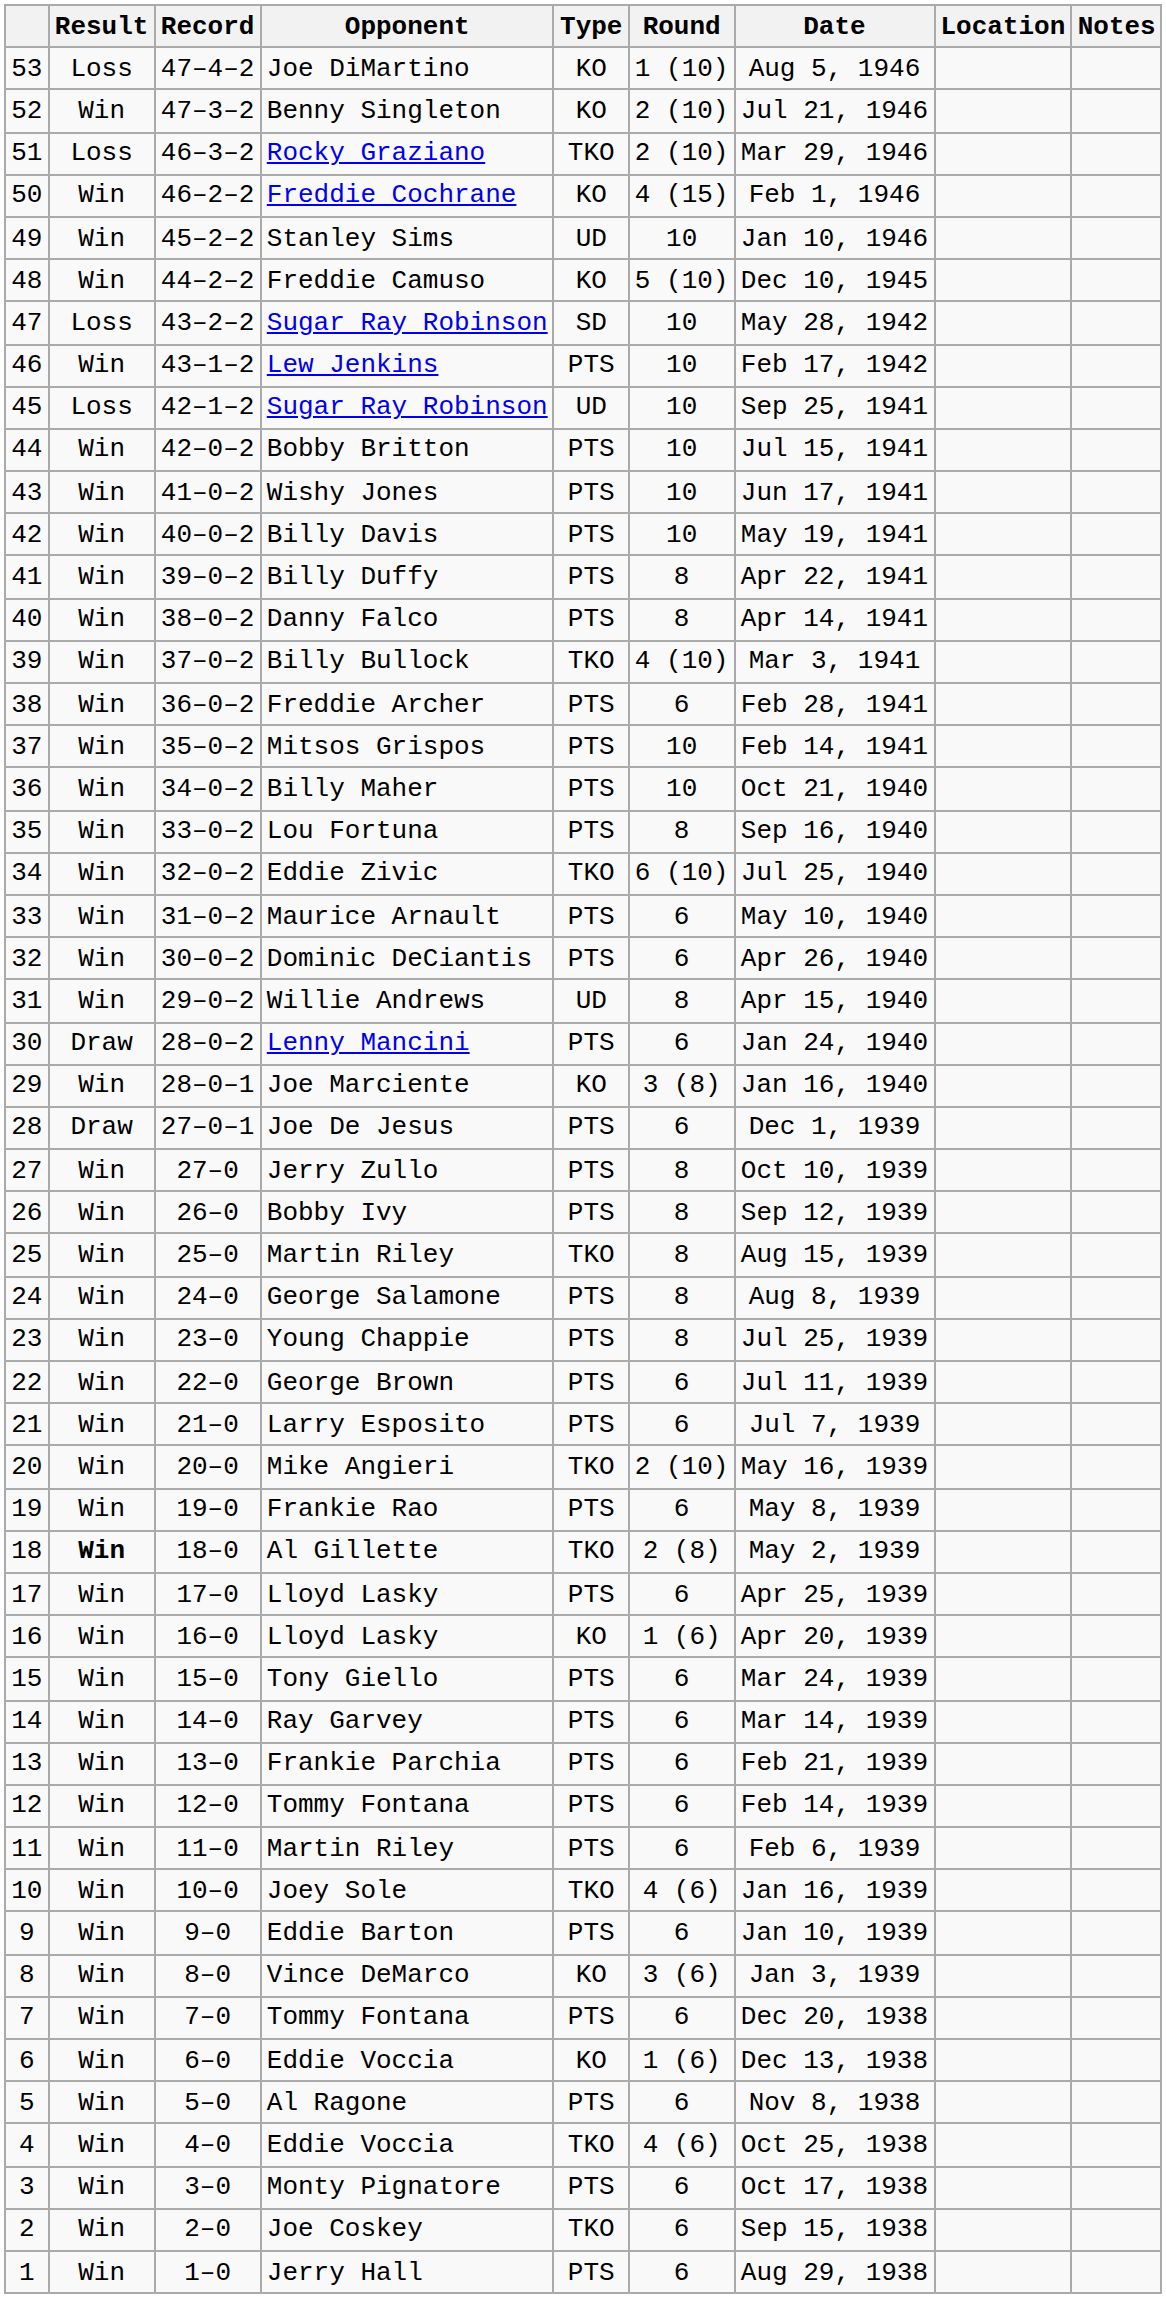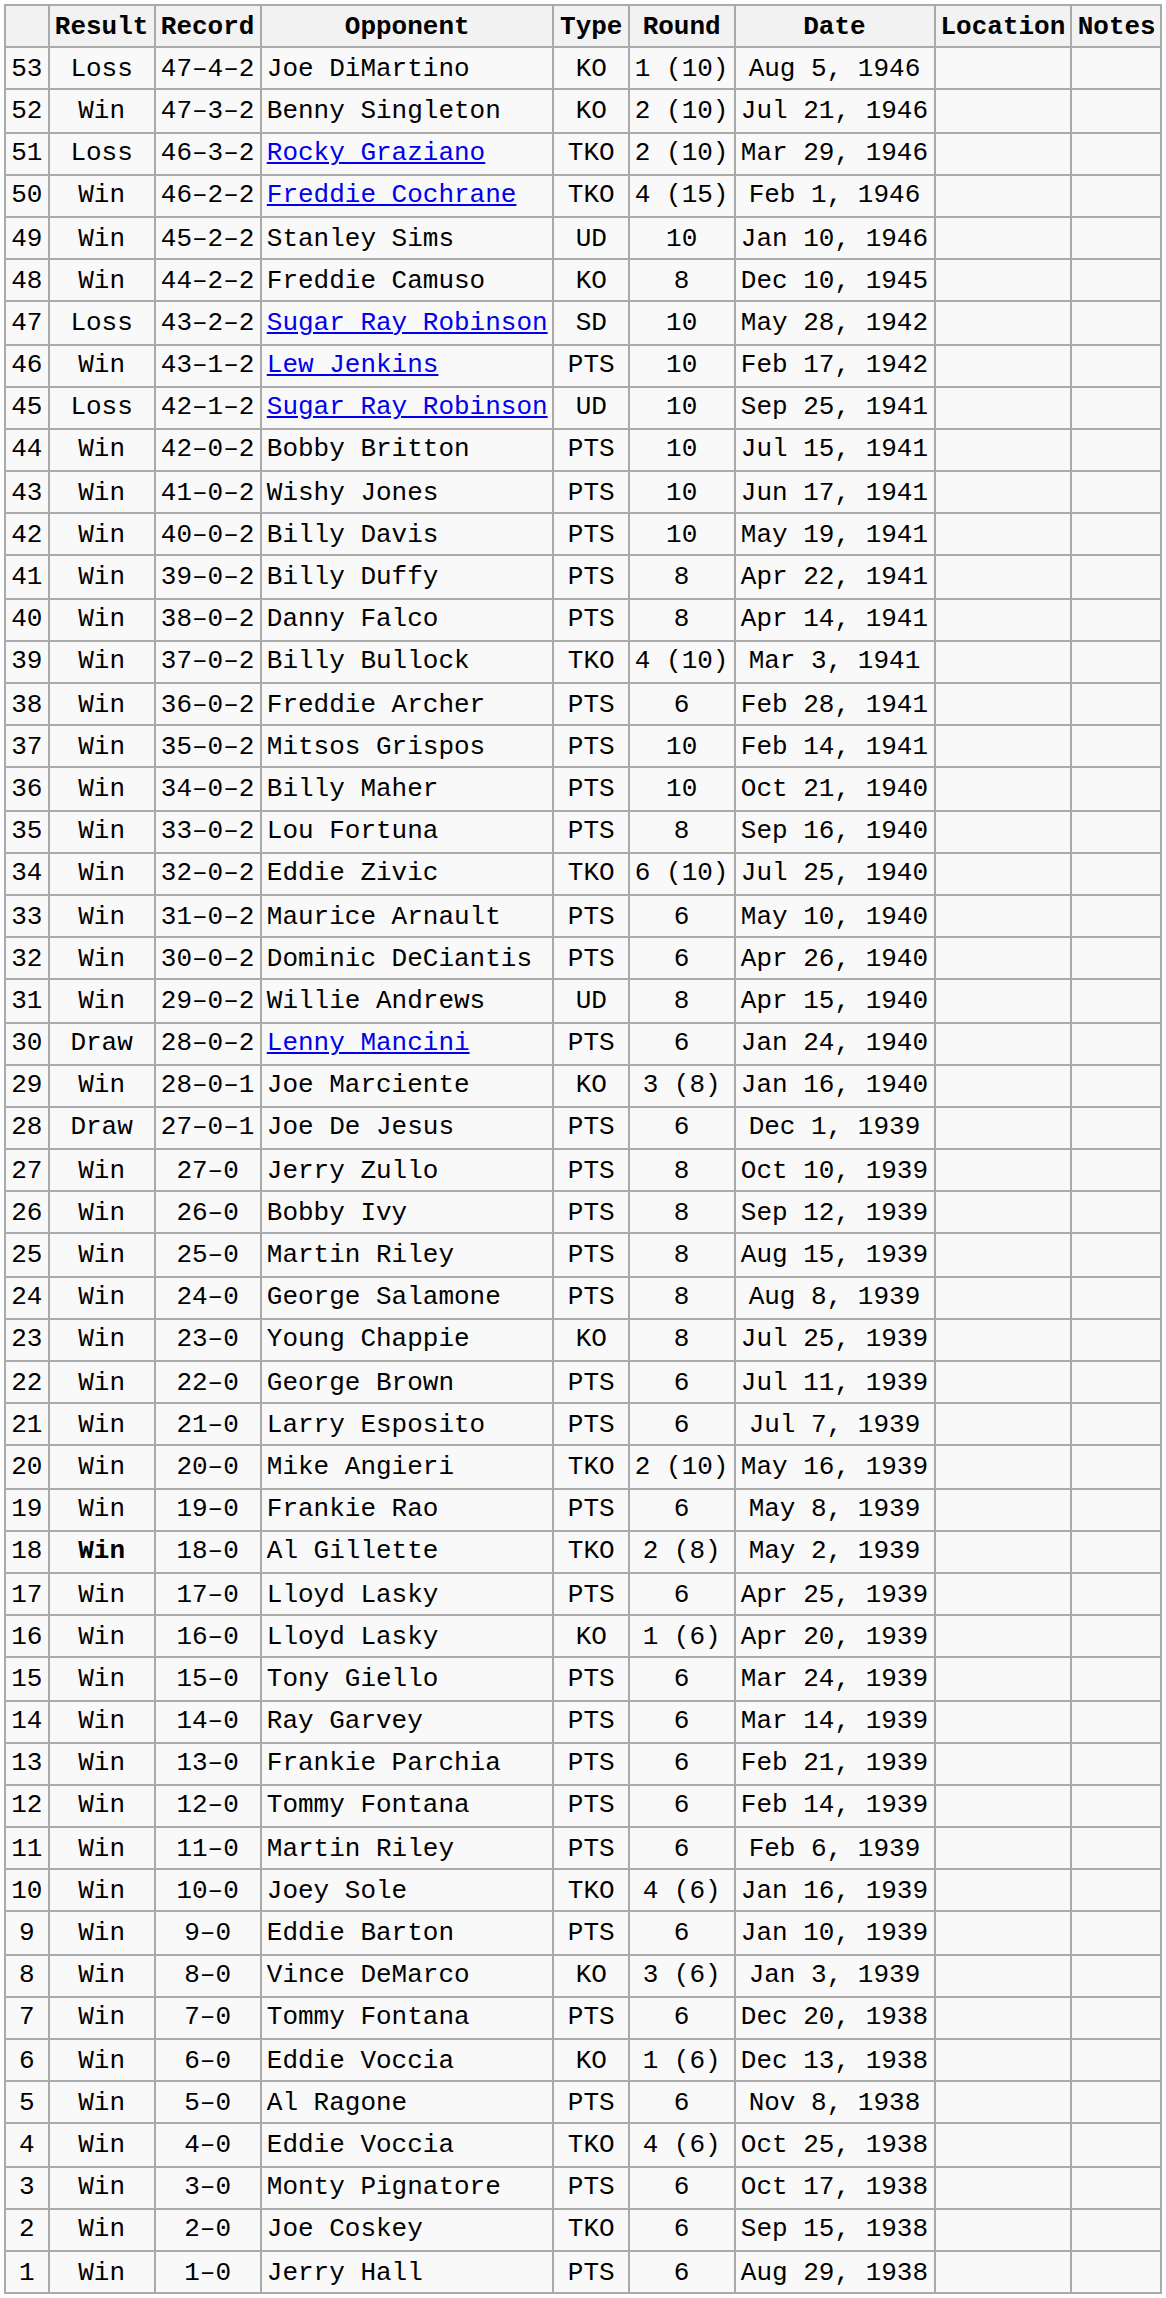 <table class="wikitable" style="text-align:center">
 <tr>
 <th></th>
 <th>Result</th>
 <th>Record</th>
 <th>Opponent</th>
 <th>Type</th>
 <th>Round</th>
 <th>Date</th>
 <th>Location</th>
 <th>Notes</th>
 </tr>
 <tr>
 <td>53</td>
 <td>Loss</td>
 <td>47–4–2</td>
 <td align=left>Joe DiMartino</td>
 <td>KO</td>
 <td>1 (10)</td>
 <td>Aug 5, 1946</td>
 <td style="text-align:left;"></td>
 <td></td>
 </tr>
 <tr>
 <td>52</td>
 <td>Win</td>
 <td>47–3–2</td>
 <td align=left>Benny Singleton</td>
 <td>KO</td>
 <td>2 (10)</td>
 <td>Jul 21, 1946</td>
 <td style="text-align:left;"></td>
 <td></td>
 </tr>
 <tr>
 <td>51</td>
 <td>Loss</td>
 <td>46–3–2</td>
 <td align=left><a href='#'>Rocky Graziano</a></td>
 <td>TKO</td>
 <td>2 (10)</td>
 <td>Mar 29, 1946</td>
 <td style="text-align:left;"></td>
 <td></td>
 </tr>
 <tr>
 <td>50</td>
 <td>Win</td>
 <td>46–2–2</td>
 <td align=left><a href='#'>Freddie Cochrane</a></td>
-<td>KO</td>
+<td>TKO</td>
 <td>4 (15)</td>
 <td>Feb 1, 1946</td>
 <td style="text-align:left;"></td>
 <td style="text-align:left;"></td>
 </tr>
 <tr>
 <td>49</td>
 <td>Win</td>
 <td>45–2–2</td>
 <td align=left>Stanley Sims</td>
 <td>UD</td>
 <td>10</td>
 <td>Jan 10, 1946</td>
 <td style="text-align:left;"></td>
 <td></td>
 </tr>
 <tr>
 <td>48</td>
 <td>Win</td>
 <td>44–2–2</td>
 <td align=left>Freddie Camuso</td>
 <td>KO</td>
-<td>5 (10)</td>
+<td>8</td>
 <td>Dec 10, 1945</td>
 <td style="text-align:left;"></td>
 <td></td>
 </tr>
 <tr>
 <td>47</td>
 <td>Loss</td>
 <td>43–2–2</td>
 <td align=left><a href='#'>Sugar Ray Robinson</a></td>
 <td>SD</td>
 <td>10</td>
 <td>May 28, 1942</td>
 <td style="text-align:left;"></td>
 <td></td>
 </tr>
 <tr>
 <td>46</td>
 <td>Win</td>
 <td>43–1–2</td>
 <td align=left><a href='#'>Lew Jenkins</a></td>
 <td>PTS</td>
 <td>10</td>
 <td>Feb 17, 1942</td>
 <td style="text-align:left;"></td>
 <td></td>
 </tr>
 <tr>
 <td>45</td>
 <td>Loss</td>
 <td>42–1–2</td>
 <td align=left><a href='#'>Sugar Ray Robinson</a></td>
 <td>UD</td>
 <td>10</td>
 <td>Sep 25, 1941</td>
 <td style="text-align:left;"></td>
 <td></td>
 </tr>
 <tr>
 <td>44</td>
 <td>Win</td>
 <td>42–0–2</td>
 <td align=left>Bobby Britton</td>
 <td>PTS</td>
 <td>10</td>
 <td>Jul 15, 1941</td>
 <td style="text-align:left;"></td>
 <td></td>
 </tr>
 <tr>
 <td>43</td>
 <td>Win</td>
 <td>41–0–2</td>
 <td align=left>Wishy Jones</td>
 <td>PTS</td>
 <td>10</td>
 <td>Jun 17, 1941</td>
 <td style="text-align:left;"></td>
 <td></td>
 </tr>
 <tr>
 <td>42</td>
 <td>Win</td>
 <td>40–0–2</td>
 <td align=left>Billy Davis</td>
 <td>PTS</td>
 <td>10</td>
 <td>May 19, 1941</td>
 <td style="text-align:left;"></td>
 <td></td>
 </tr>
 <tr>
 <td>41</td>
 <td>Win</td>
 <td>39–0–2</td>
 <td align=left>Billy Duffy</td>
 <td>PTS</td>
 <td>8</td>
 <td>Apr 22, 1941</td>
 <td style="text-align:left;"></td>
 <td></td>
 </tr>
 <tr>
 <td>40</td>
 <td>Win</td>
 <td>38–0–2</td>
 <td align=left>Danny Falco</td>
 <td>PTS</td>
 <td>8</td>
 <td>Apr 14, 1941</td>
 <td style="text-align:left;"></td>
 <td></td>
 </tr>
 <tr>
 <td>39</td>
 <td>Win</td>
 <td>37–0–2</td>
 <td align=left>Billy Bullock</td>
 <td>TKO</td>
 <td>4 (10)</td>
 <td>Mar 3, 1941</td>
 <td style="text-align:left;"></td>
 <td></td>
 </tr>
 <tr>
 <td>38</td>
 <td>Win</td>
 <td>36–0–2</td>
 <td align=left>Freddie Archer</td>
 <td>PTS</td>
 <td>6</td>
 <td>Feb 28, 1941</td>
 <td style="text-align:left;"></td>
 <td></td>
 </tr>
 <tr>
 <td>37</td>
 <td>Win</td>
 <td>35–0–2</td>
 <td align=left>Mitsos Grispos</td>
 <td>PTS</td>
 <td>10</td>
 <td>Feb 14, 1941</td>
 <td style="text-align:left;"></td>
 <td></td>
 </tr>
 <tr>
 <td>36</td>
 <td>Win</td>
 <td>34–0–2</td>
 <td align=left>Billy Maher</td>
 <td>PTS</td>
 <td>10</td>
 <td>Oct 21, 1940</td>
 <td style="text-align:left;"></td>
 <td></td>
 </tr>
 <tr>
 <td>35</td>
 <td>Win</td>
 <td>33–0–2</td>
 <td align=left>Lou Fortuna</td>
 <td>PTS</td>
 <td>8</td>
 <td>Sep 16, 1940</td>
 <td style="text-align:left;"></td>
 <td></td>
 </tr>
 <tr>
 <td>34</td>
 <td>Win</td>
 <td>32–0–2</td>
 <td align=left>Eddie Zivic</td>
 <td>TKO</td>
 <td>6 (10)</td>
 <td>Jul 25, 1940</td>
 <td style="text-align:left;"></td>
 <td></td>
 </tr>
 <tr>
 <td>33</td>
 <td>Win</td>
 <td>31–0–2</td>
 <td align=left>Maurice Arnault</td>
 <td>PTS</td>
 <td>6</td>
 <td>May 10, 1940</td>
 <td style="text-align:left;"></td>
 <td></td>
 </tr>
 <tr>
 <td>32</td>
 <td>Win</td>
 <td>30–0–2</td>
 <td align=left>Dominic DeCiantis</td>
 <td>PTS</td>
 <td>6</td>
 <td>Apr 26, 1940</td>
 <td style="text-align:left;"></td>
 <td></td>
 </tr>
 <tr>
 <td>31</td>
 <td>Win</td>
 <td>29–0–2</td>
 <td align=left>Willie Andrews</td>
 <td>UD</td>
 <td>8</td>
 <td>Apr 15, 1940</td>
 <td style="text-align:left;"></td>
 <td></td>
 </tr>
 <tr>
 <td>30</td>
 <td>Draw</td>
 <td>28–0–2</td>
 <td align=left><a href='#'>Lenny Mancini</a></td>
 <td>PTS</td>
 <td>6</td>
 <td>Jan 24, 1940</td>
 <td style="text-align:left;"></td>
 <td></td>
 </tr>
 <tr>
 <td>29</td>
 <td>Win</td>
 <td>28–0–1</td>
 <td align=left>Joe Marciente</td>
 <td>KO</td>
 <td>3 (8)</td>
 <td>Jan 16, 1940</td>
 <td style="text-align:left;"></td>
 <td></td>
 </tr>
 <tr>
 <td>28</td>
 <td>Draw</td>
 <td>27–0–1</td>
 <td align=left>Joe De Jesus</td>
 <td>PTS</td>
 <td>6</td>
 <td>Dec 1, 1939</td>
 <td style="text-align:left;"></td>
 <td></td>
 </tr>
 <tr>
 <td>27</td>
 <td>Win</td>
 <td>27–0</td>
 <td align=left>Jerry Zullo</td>
 <td>PTS</td>
 <td>8</td>
 <td>Oct 10, 1939</td>
 <td style="text-align:left;"></td>
 <td></td>
 </tr>
 <tr>
 <td>26</td>
 <td>Win</td>
 <td>26–0</td>
 <td align=left>Bobby Ivy</td>
 <td>PTS</td>
 <td>8</td>
 <td>Sep 12, 1939</td>
 <td style="text-align:left;"></td>
 <td></td>
 </tr>
 <tr>
 <td>25</td>
 <td>Win</td>
 <td>25–0</td>
 <td align=left>Martin Riley</td>
-<td>TKO</td>
+<td>PTS</td>
 <td>8</td>
 <td>Aug 15, 1939</td>
 <td style="text-align:left;"></td>
 <td></td>
 </tr>
 <tr>
 <td>24</td>
 <td>Win</td>
 <td>24–0</td>
 <td align=left>George Salamone</td>
 <td>PTS</td>
 <td>8</td>
 <td>Aug 8, 1939</td>
 <td style="text-align:left;"></td>
 <td></td>
 </tr>
 <tr>
 <td>23</td>
 <td>Win</td>
 <td>23–0</td>
 <td align=left>Young Chappie</td>
-<td>PTS</td>
+<td>KO</td>
 <td>8</td>
 <td>Jul 25, 1939</td>
 <td style="text-align:left;"></td>
 <td></td>
 </tr>
 <tr>
 <td>22</td>
 <td>Win</td>
 <td>22–0</td>
 <td align=left>George Brown</td>
 <td>PTS</td>
 <td>6</td>
 <td>Jul 11, 1939</td>
 <td style="text-align:left;"></td>
 <td></td>
 </tr>
 <tr>
 <td>21</td>
 <td>Win</td>
 <td>21–0</td>
 <td align=left>Larry Esposito</td>
 <td>PTS</td>
 <td>6</td>
 <td>Jul 7, 1939</td>
 <td style="text-align:left;"></td>
 <td></td>
 </tr>
 <tr>
 <td>20</td>
 <td>Win</td>
 <td>20–0</td>
 <td align=left>Mike Angieri</td>
 <td>TKO</td>
 <td>2 (10)</td>
 <td>May 16, 1939</td>
 <td style="text-align:left;"></td>
 <td></td>
 </tr>
 <tr>
 <td>19</td>
 <td>Win</td>
 <td>19–0</td>
 <td align=left>Frankie Rao</td>
 <td>PTS</td>
 <td>6</td>
 <td>May 8, 1939</td>
 <td style="text-align:left;"></td>
 <td></td>
 </tr>
 <tr>
 <td>18</td>
 <td><strong>Win</strong></td>
 <td>18–0</td>
 <td align=left>Al Gillette</td>
 <td>TKO</td>
 <td>2 (8)</td>
 <td>May 2, 1939</td>
 <td style="text-align:left;"></td>
 <td></td>
 </tr>
 <tr>
 <td>17</td>
 <td>Win</td>
 <td>17–0</td>
 <td align=left>Lloyd Lasky</td>
 <td>PTS</td>
 <td>6</td>
 <td>Apr 25, 1939</td>
 <td style="text-align:left;"></td>
 <td></td>
 </tr>
 <tr>
 <td>16</td>
 <td>Win</td>
 <td>16–0</td>
 <td align=left>Lloyd Lasky</td>
 <td>KO</td>
 <td>1 (6)</td>
 <td>Apr 20, 1939</td>
 <td style="text-align:left;"></td>
 <td></td>
 </tr>
 <tr>
 <td>15</td>
 <td>Win</td>
 <td>15–0</td>
 <td align=left>Tony Giello</td>
 <td>PTS</td>
 <td>6</td>
 <td>Mar 24, 1939</td>
 <td style="text-align:left;"></td>
 <td></td>
 </tr>
 <tr>
 <td>14</td>
 <td>Win</td>
 <td>14–0</td>
 <td align=left>Ray Garvey</td>
 <td>PTS</td>
 <td>6</td>
 <td>Mar 14, 1939</td>
 <td style="text-align:left;"></td>
 <td></td>
 </tr>
 <tr>
 <td>13</td>
 <td>Win</td>
 <td>13–0</td>
 <td align=left>Frankie Parchia</td>
 <td>PTS</td>
 <td>6</td>
 <td>Feb 21, 1939</td>
 <td style="text-align:left;"></td>
 <td></td>
 </tr>
 <tr>
 <td>12</td>
 <td>Win</td>
 <td>12–0</td>
 <td align=left>Tommy Fontana</td>
 <td>PTS</td>
 <td>6</td>
 <td>Feb 14, 1939</td>
 <td style="text-align:left;"></td>
 <td></td>
 </tr>
 <tr>
 <td>11</td>
 <td>Win</td>
 <td>11–0</td>
 <td align=left>Martin Riley</td>
 <td>PTS</td>
 <td>6</td>
 <td>Feb 6, 1939</td>
 <td style="text-align:left;"></td>
 <td></td>
 </tr>
 <tr>
 <td>10</td>
 <td>Win</td>
 <td>10–0</td>
 <td align=left>Joey Sole</td>
 <td>TKO</td>
 <td>4 (6)</td>
 <td>Jan 16, 1939</td>
 <td style="text-align:left;"></td>
 <td></td>
 </tr>
 <tr>
 <td>9</td>
 <td>Win</td>
 <td>9–0</td>
 <td align=left>Eddie Barton</td>
 <td>PTS</td>
 <td>6</td>
 <td>Jan 10, 1939</td>
 <td style="text-align:left;"></td>
 <td></td>
 </tr>
 <tr>
 <td>8</td>
 <td>Win</td>
 <td>8–0</td>
 <td align=left>Vince DeMarco</td>
 <td>KO</td>
 <td>3 (6)</td>
 <td>Jan 3, 1939</td>
 <td style="text-align:left;"></td>
 <td></td>
 </tr>
 <tr>
 <td>7</td>
 <td>Win</td>
 <td>7–0</td>
 <td align=left>Tommy Fontana</td>
 <td>PTS</td>
 <td>6</td>
 <td>Dec 20, 1938</td>
 <td style="text-align:left;"></td>
 <td></td>
 </tr>
 <tr>
 <td>6</td>
 <td>Win</td>
 <td>6–0</td>
 <td align=left>Eddie Voccia</td>
 <td>KO</td>
 <td>1 (6)</td>
 <td>Dec 13, 1938</td>
 <td style="text-align:left;"></td>
 <td></td>
 </tr>
 <tr>
 <td>5</td>
 <td>Win</td>
 <td>5–0</td>
 <td align=left>Al Ragone</td>
 <td>PTS</td>
 <td>6</td>
 <td>Nov 8, 1938</td>
 <td style="text-align:left;"></td>
 <td></td>
 </tr>
 <tr>
 <td>4</td>
 <td>Win</td>
 <td>4–0</td>
 <td align=left>Eddie Voccia</td>
 <td>TKO</td>
 <td>4 (6)</td>
 <td>Oct 25, 1938</td>
 <td style="text-align:left;"></td>
 <td></td>
 </tr>
 <tr>
 <td>3</td>
 <td>Win</td>
 <td>3–0</td>
 <td align=left>Monty Pignatore</td>
 <td>PTS</td>
 <td>6</td>
 <td>Oct 17, 1938</td>
 <td style="text-align:left;"></td>
 <td></td>
 </tr>
 <tr>
 <td>2</td>
 <td>Win</td>
 <td>2–0</td>
 <td align=left>Joe Coskey</td>
 <td>TKO</td>
 <td>6</td>
 <td>Sep 15, 1938</td>
 <td style="text-align:left;"></td>
 <td></td>
 </tr>
 <tr>
 <td>1</td>
 <td>Win</td>
 <td>1–0</td>
 <td align=left>Jerry Hall</td>
 <td>PTS</td>
 <td>6</td>
 <td>Aug 29, 1938</td>
 <td style="text-align:left;"></td>
 <td></td>
 </tr>
 <tr>
 </tr>
 </table>
